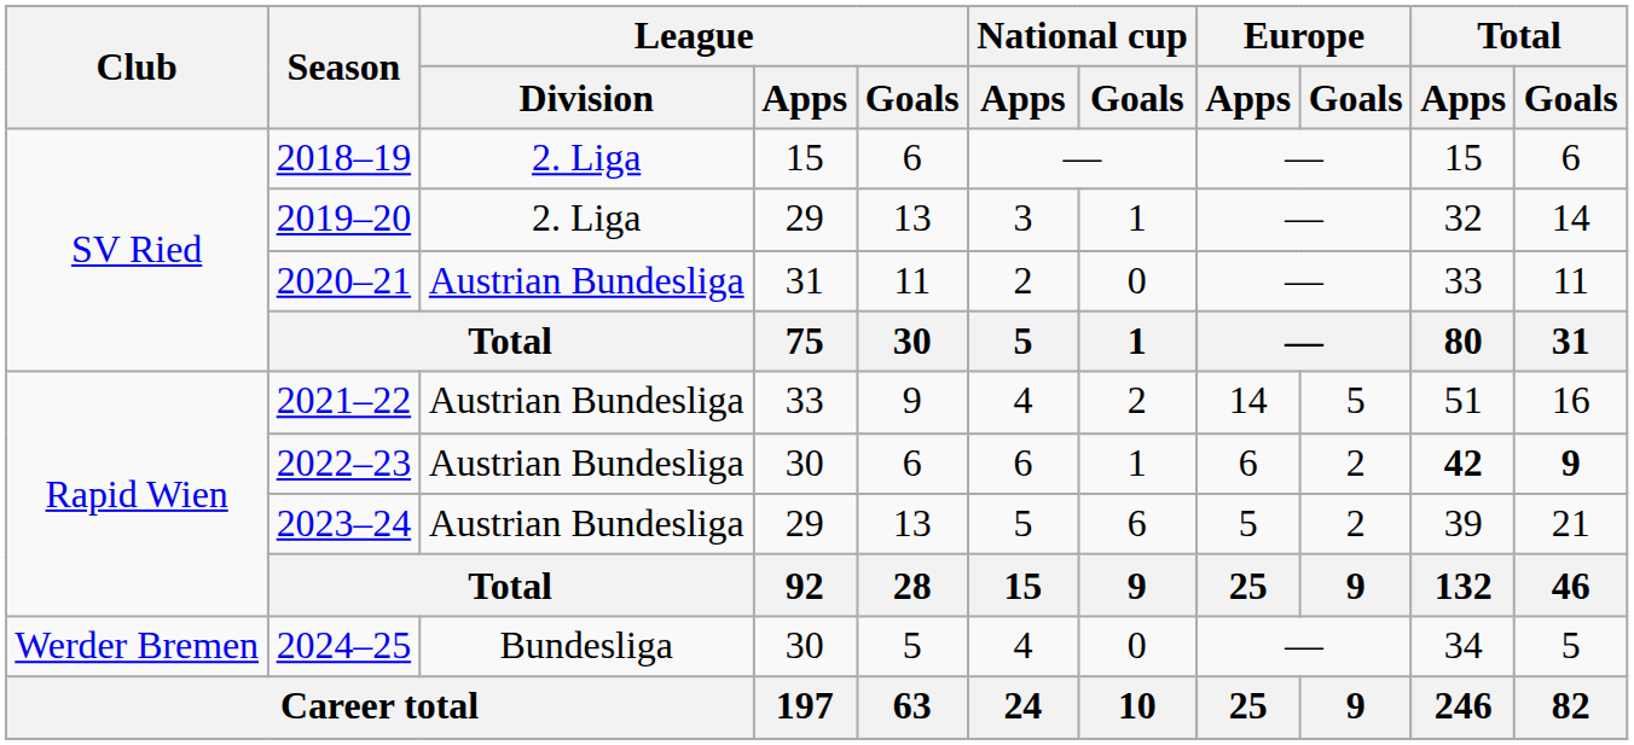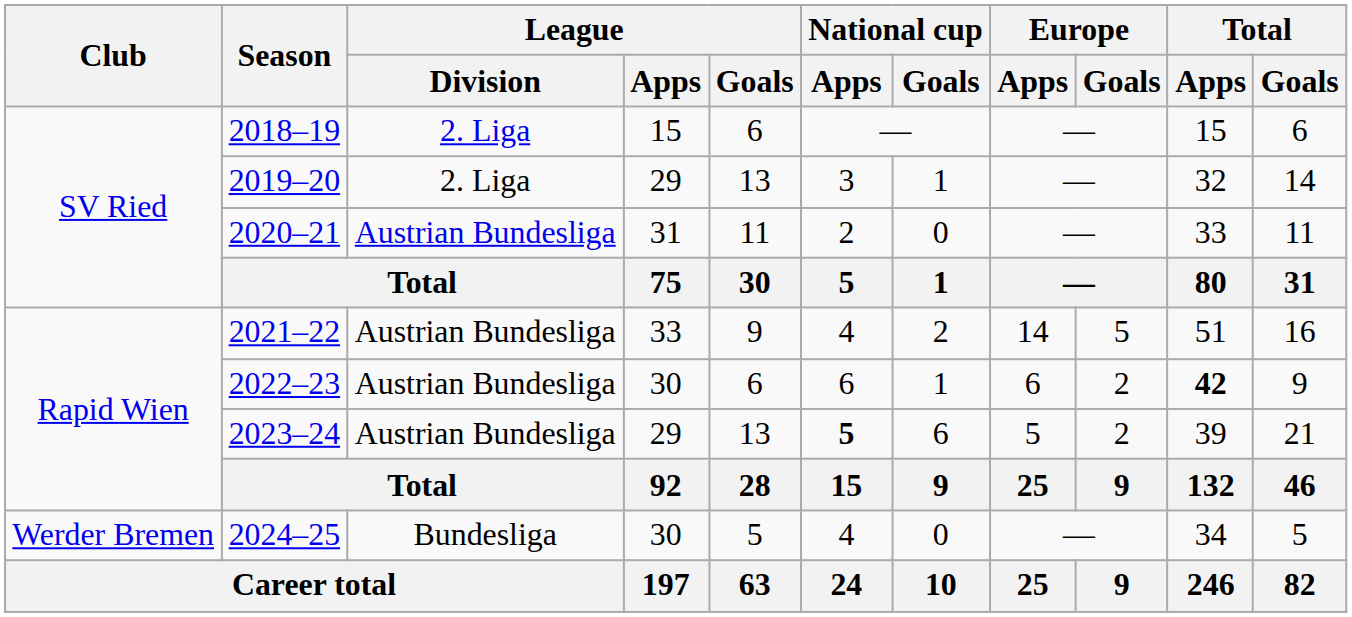 <table class="wikitable" style="text-align: center">
 <tr>
 <th rowspan="2">Club</th>
 <th rowspan="2">Season</th>
 <th colspan="3">League</th>
 <th colspan="2">National cup</th>
 <th colspan="2">Europe</th>
 <th colspan="2">Total</th>
 </tr>
 <tr>
 <th>Division</th>
 <th>Apps</th>
 <th>Goals</th>
 <th>Apps</th>
 <th>Goals</th>
 <th>Apps</th>
 <th>Goals</th>
 <th>Apps</th>
 <th>Goals</th>
 </tr>
 <tr>
 <td rowspan="4"><a href='#'>SV Ried</a></td>
 <td><a href='#'>2018–19</a></td>
 <td><a href='#'>2. Liga</a></td>
 <td>15</td>
 <td>6</td>
 <td colspan="2">—</td>
 <td colspan="2">—</td>
 <td>15</td>
 <td>6</td>
 </tr>
 <tr>
 <td><a href='#'>2019–20</a></td>
 <td>2. Liga</td>
 <td>29</td>
 <td>13</td>
 <td>3</td>
 <td>1</td>
 <td colspan="2">—</td>
 <td>32</td>
 <td>14</td>
 </tr>
 <tr>
 <td><a href='#'>2020–21</a></td>
 <td><a href='#'>Austrian Bundesliga</a></td>
 <td>31</td>
 <td>11</td>
 <td>2</td>
 <td>0</td>
 <td colspan="2">—</td>
 <td>33</td>
 <td>11</td>
 </tr>
 <tr>
 <th colspan="2">Total</th>
 <th>75</th>
 <th>30</th>
 <th>5</th>
 <th>1</th>
 <th colspan="2">—</th>
 <th>80</th>
 <th>31</th>
 </tr>
 <tr>
 <td rowspan="4"><a href='#'>Rapid Wien</a></td>
 <td><a href='#'>2021–22</a></td>
 <td>Austrian Bundesliga</td>
 <td>33</td>
 <td>9</td>
 <td>4</td>
 <td>2</td>
 <td>14</td>
 <td>5</td>
 <td>51</td>
 <td>16</td>
 </tr>
 <tr>
 <td><a href='#'>2022–23</a></td>
 <td>Austrian Bundesliga</td>
 <td>30</td>
 <td>6</td>
 <td>6</td>
 <td>1</td>
 <td>6</td>
 <td>2</td>
 <td><strong>42</strong></td>
-<td><strong>9</strong></td>
+<td>9</td>
 </tr>
 <tr>
 <td><a href='#'>2023–24</a></td>
 <td>Austrian Bundesliga</td>
 <td>29</td>
 <td>13</td>
-<td>5</td>
+<td><strong>5</strong></td>
 <td>6</td>
 <td>5</td>
 <td>2</td>
 <td>39</td>
 <td>21</td>
 </tr>
 <tr>
 <th colspan="2">Total</th>
 <th>92</th>
 <th>28</th>
 <th>15</th>
 <th>9</th>
 <th>25</th>
 <th>9</th>
 <th>132</th>
 <th>46</th>
 </tr>
 <tr>
 <td><a href='#'>Werder Bremen</a></td>
 <td><a href='#'>2024–25</a></td>
 <td>Bundesliga</td>
 <td>30</td>
 <td>5</td>
 <td>4</td>
 <td>0</td>
 <td colspan="2">—</td>
 <td>34</td>
 <td>5</td>
 </tr>
 <tr>
 <th colspan="3">Career total</th>
 <th>197</th>
 <th>63</th>
 <th>24</th>
 <th>10</th>
 <th>25</th>
 <th>9</th>
 <th>246</th>
 <th>82</th>
 </tr>
 </table>
